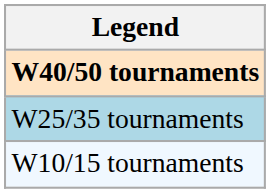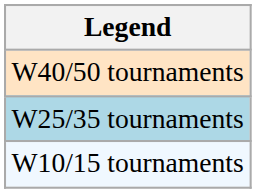 <table class="wikitable" style="font-size:85%">
 <tr>
 <th>Legend</th>
 </tr>
 <tr style="background:#ffe4c4;">
-<td><strong>W40/50 tournaments</strong></td>
+<td>W40/50 tournaments</td>
 </tr>
 <tr style="background:lightblue;">
 <td>W25/35 tournaments</td>
 </tr>
 <tr style="background:#f0f8ff;">
 <td>W10/15 tournaments</td>
 </tr>
 </table>
